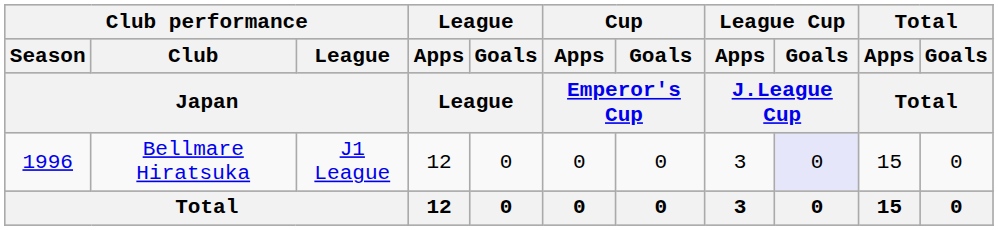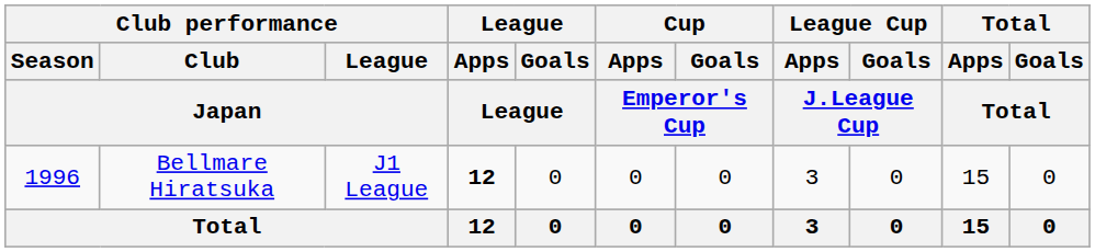 <table class="wikitable" style="text-align:center;">
 <tr>
 <th colspan=3>Club performance</th>
 <th colspan=2>League</th>
 <th colspan=2>Cup</th>
 <th colspan=2>League Cup</th>
 <th colspan=2>Total</th>
 </tr>
 <tr>
 <th>Season</th>
 <th>Club</th>
 <th>League</th>
 <th>Apps</th>
 <th>Goals</th>
 <th>Apps</th>
 <th>Goals</th>
 <th>Apps</th>
 <th>Goals</th>
 <th>Apps</th>
 <th>Goals</th>
 </tr>
 <tr>
 <th colspan=3>Japan</th>
 <th colspan=2>League</th>
 <th colspan=2><a href='#'>Emperor's Cup</a></th>
 <th colspan=2><a href='#'>J.League Cup</a></th>
 <th colspan=2>Total</th>
 </tr>
 <tr>
 <td><a href='#'>1996</a></td>
 <td><a href='#'>Bellmare Hiratsuka</a></td>
 <td><a href='#'>J1 League</a></td>
-<td>12</td>
+<td><strong>12</strong></td>
 <td>0</td>
 <td>0</td>
 <td>0</td>
 <td>3</td>
-<td style="background: lavender;">0</td>
+<td>0</td>
 <td>15</td>
 <td>0</td>
 </tr>
 <tr>
 <th colspan=3>Total</th>
 <th>12</th>
 <th>0</th>
 <th>0</th>
 <th>0</th>
 <th>3</th>
 <th>0</th>
 <th>15</th>
 <th>0</th>
 </tr>
 </table>
